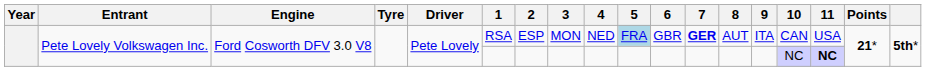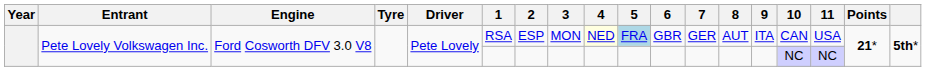 <table class="wikitable" style="text-align:center; font-size:90%">
 <tr>
 <th>Year</th>
 <th>Entrant</th>
 <th>Engine</th>
 <th>Tyre</th>
 <th>Driver</th>
 <th>1</th>
 <th>2</th>
 <th>3</th>
 <th>4</th>
 <th>5</th>
 <th>6</th>
 <th>7</th>
 <th>8</th>
 <th>9</th>
 <th>10</th>
 <th>11</th>
 <th> Points</th>
 <th> </th>
 </tr>
 <tr>
 <th rowspan="2"></th>
 <td rowspan="2"><a href='#'>Pete Lovely Volkswagen Inc.</a></td>
 <td rowspan="2"><a href='#'>Ford</a> <a href='#'>Cosworth DFV</a> 3.0 <a href='#'>V8</a></td>
 <td rowspan="2"></td>
 <td rowspan="2" align="left"> <a href='#'>Pete Lovely</a></td>
 <td><a href='#'>RSA</a></td>
 <td><a href='#'>ESP</a></td>
 <td><a href='#'>MON</a></td>
-<td><a href='#'>NED</a></td>
+<td style="background: lightyellow;"><a href='#'>NED</a></td>
 <td style="background: lightblue;"><a href='#'>FRA</a></td>
 <td><a href='#'>GBR</a></td>
-<td><strong><a href='#'>GER</a></strong></td>
+<td><a href='#'>GER</a></td>
 <td><a href='#'>AUT</a></td>
 <td><a href='#'>ITA</a></td>
 <td><a href='#'>CAN</a></td>
 <td><a href='#'>USA</a></td>
 <td rowspan="2"><strong>21</strong>*</td>
 <td rowspan="2"><strong>5th</strong>*</td>
 </tr>
 <tr>
 <td></td>
 <td></td>
 <td></td>
 <td></td>
 <td></td>
 <td></td>
 <td></td>
 <td></td>
 <td></td>
 <td style="background-color:#CFCFFF">NC</td>
-<td style="background-color:#CFCFFF"><strong>NC</strong></td>
+<td style="background-color:#CFCFFF">NC</td>
 </tr>
 </table>
